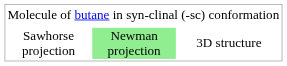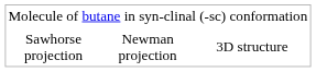 <table style="border: 1px solid #AAA; float:right;">
 <tr>
 <td colspan="3">Molecule of <a href='#'>butane</a> in syn-clinal (-sc) conformation</td>
 </tr>
 <tr>
 <td></td>
 <td></td>
 <td></td>
 </tr>
 <tr>
 <td align="center">Sawhorse<br>projection</td>
-<td align="center" style="background: lightgreen;">Newman<br>projection</td>
+<td align="center">Newman<br>projection</td>
 <td align="center">3D structure</td>
 </tr>
 </table>
